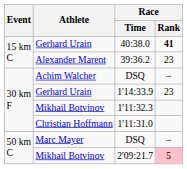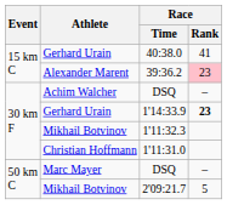 <table class="wikitable" border="1" style="font-size:90%">
 <tr>
 <th rowspan=2>Event</th>
 <th rowspan=2>Athlete</th>
 <th colspan=2>Race</th>
 </tr>
 <tr>
 <th>Time</th>
 <th>Rank</th>
 </tr>
 <tr>
 <td rowspan=2>15 km <br> C</td>
 <td><a href='#'>Gerhard Urain</a></td>
 <td align=center>40:38.0</td>
-<td align=center><strong>41</strong></td>
+<td align=center>41</td>
 </tr>
 <tr>
 <td><a href='#'>Alexander Marent</a></td>
 <td align=center>39:36.2</td>
-<td align=center>23</td>
+<td align=center style="background: pink;">23</td>
 </tr>
 <tr>
 <td rowspan=4>30 km <br> F</td>
 <td><a href='#'>Achim Walcher</a></td>
 <td align=center>DSQ</td>
 <td align=center>–</td>
 </tr>
 <tr>
 <td><a href='#'>Gerhard Urain</a></td>
 <td align=center>1'14:33.9</td>
-<td align=center>23</td>
+<td align=center><strong>23</strong></td>
 </tr>
 <tr>
 <td><a href='#'>Mikhail Botvinov</a></td>
 <td align=center>1'11:32.3</td>
 <td align=center></td>
 </tr>
 <tr>
 <td><a href='#'>Christian Hoffmann</a></td>
 <td align=center>1'11:31.0</td>
 <td align=center></td>
 </tr>
 <tr>
 <td rowspan=2>50 km <br> C</td>
 <td><a href='#'>Marc Mayer</a></td>
 <td align=center>DSQ</td>
 <td align=center>–</td>
 </tr>
 <tr>
 <td><a href='#'>Mikhail Botvinov</a></td>
 <td align=center>2'09:21.7</td>
-<td align=center style="background: pink;">5</td>
+<td align=center>5</td>
 </tr>
 </table>
